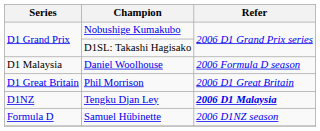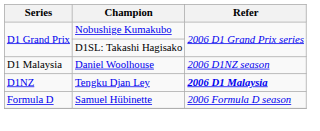 <table class="wikitable" style="font-size:87%;">
 <tr>
 <th>Series</th>
 <th>Champion</th>
 <th>Refer</th>
 </tr>
 <tr>
 <td rowspan=2><a href='#'>D1 Grand Prix</a></td>
 <td> <a href='#'>Nobushige Kumakubo</a></td>
 <td rowspan=2><em><a href='#'>2006 D1 Grand Prix series</a></em></td>
 </tr>
 <tr>
 <td>D1SL:  Takashi Hagisako</td>
 </tr>
 <tr>
 <td>D1 Malaysia</td>
 <td> <a href='#'>Daniel Woolhouse</a></td>
-<td><em><a href='#'>2006 Formula D season</a></em></td>
-</tr>
-<tr>
-<td><a href='#'>D1 Great Britain</a></td>
-<td> <a href='#'>Phil Morrison</a></td>
-<td><em><a href='#'>2006 D1 Great Britain</a></em></td>
+<td><em><a href='#'>2006 D1NZ season</a></em></td>
 </tr>
 <tr>
 <td><a href='#'>D1NZ</a></td>
 <td> <a href='#'>Tengku Djan Ley</a></td>
 <td><strong><em><a href='#'>2006 D1 Malaysia</a></em></strong></td>
 </tr>
 <tr>
 <td><a href='#'>Formula D</a></td>
 <td> <a href='#'>Samuel Hübinette</a></td>
-<td><em><a href='#'>2006 D1NZ season</a></em></td>
+<td><em><a href='#'>2006 Formula D season</a></em></td>
 </tr>
 <tr>
 </tr>
 </table>
